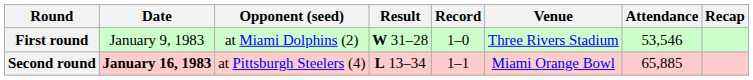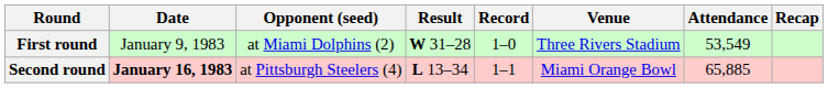 <table class="wikitable" style="text-align:center">
 <tr>
 <th>Round</th>
 <th>Date</th>
 <th>Opponent (seed)</th>
 <th>Result</th>
 <th>Record</th>
 <th>Venue</th>
 <th>Attendance</th>
 <th>Recap</th>
 </tr>
 <tr style="background:#cfc">
 <th>First round</th>
 <td>January 9, 1983</td>
 <td>at <a href='#'>Miami Dolphins</a> (2)</td>
 <td><strong>W</strong> 31–28</td>
 <td>1–0</td>
 <td><a href='#'>Three Rivers Stadium</a></td>
-<td>53,546</td>
+<td>53,549</td>
 <td></td>
 </tr>
 <tr style="background:#fcc">
 <th>Second round</th>
 <td><strong>January 16, 1983</strong></td>
 <td>at <a href='#'>Pittsburgh Steelers</a> (4)</td>
 <td><strong>L</strong> 13–34</td>
 <td>1–1</td>
 <td><a href='#'>Miami Orange Bowl</a></td>
 <td>65,885</td>
 <td></td>
 </tr>
 </table>
